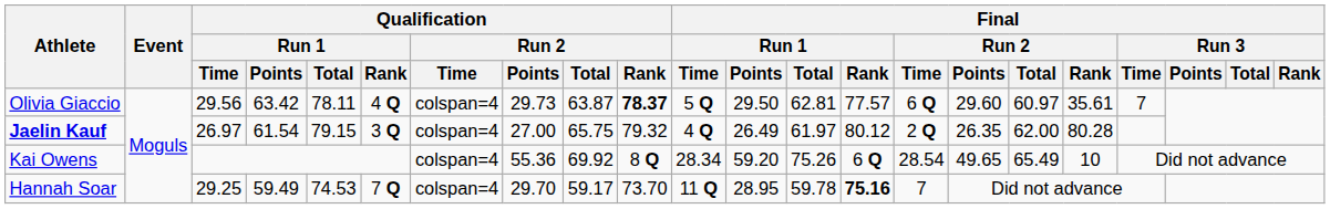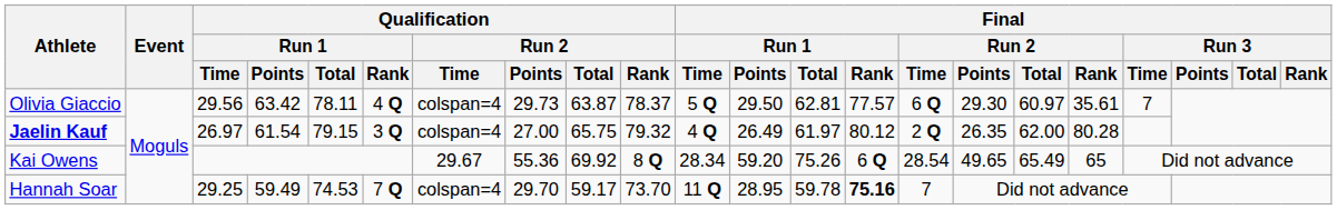 <table class=wikitable style=font-size:90%;text-align:center>
 <tr>
 <th rowspan=3>Athlete</th>
 <th rowspan=3>Event</th>
 <th colspan=8>Qualification</th>
 <th colspan=12>Final</th>
 </tr>
 <tr style=font-size:95%>
 <th colspan=4>Run 1</th>
 <th colspan=4>Run 2</th>
 <th colspan=4>Run 1</th>
 <th colspan=4>Run 2</th>
 <th colspan=4>Run 3</th>
 </tr>
 <tr style=font-size:95%>
 <th>Time</th>
 <th>Points</th>
 <th>Total</th>
 <th>Rank</th>
 <th>Time</th>
 <th>Points</th>
 <th>Total</th>
 <th>Rank</th>
 <th>Time</th>
 <th>Points</th>
 <th>Total</th>
 <th>Rank</th>
 <th>Time</th>
 <th>Points</th>
 <th>Total</th>
 <th>Rank</th>
 <th>Time</th>
 <th>Points</th>
 <th>Total</th>
 <th>Rank</th>
 </tr>
 <tr>
 <td align=left><a href='#'>Olivia Giaccio</a></td>
 <td align=left rowspan=4><a href='#'>Moguls</a></td>
 <td>29.56</td>
 <td>63.42</td>
 <td>78.11</td>
 <td>4 <strong>Q</strong></td>
 <td>colspan=4 </td>
 <td>29.73</td>
 <td>63.87</td>
-<td><strong>78.37</strong></td>
+<td>78.37</td>
 <td>5 <strong>Q</strong></td>
 <td>29.50</td>
 <td>62.81</td>
 <td>77.57</td>
 <td>6 <strong>Q</strong></td>
-<td>29.60</td>
+<td>29.30</td>
 <td>60.97</td>
 <td>35.61</td>
 <td>7</td>
 </tr>
 <tr>
 <td align=left><strong><a href='#'>Jaelin Kauf</a></strong></td>
 <td>26.97</td>
 <td>61.54</td>
 <td>79.15</td>
 <td>3 <strong>Q</strong></td>
 <td>colspan=4 </td>
 <td>27.00</td>
 <td>65.75</td>
 <td>79.32</td>
 <td>4 <strong>Q</strong></td>
 <td>26.49</td>
 <td>61.97</td>
 <td>80.12</td>
 <td>2 <strong>Q</strong></td>
 <td>26.35</td>
 <td>62.00</td>
 <td>80.28</td>
 <td></td>
 </tr>
 <tr>
 <td align=left><a href='#'>Kai Owens</a></td>
 <td colspan=4></td>
-<td>colspan=4 </td>
+<td>29.67</td>
 <td>55.36</td>
 <td>69.92</td>
 <td>8 <strong>Q</strong></td>
 <td>28.34</td>
 <td>59.20</td>
 <td>75.26</td>
 <td>6 <strong>Q</strong></td>
 <td>28.54</td>
 <td>49.65</td>
 <td>65.49</td>
-<td>10</td>
+<td>65</td>
 <td colspan=4>Did not advance</td>
 </tr>
 <tr>
 <td align=left><a href='#'>Hannah Soar</a></td>
 <td>29.25</td>
 <td>59.49</td>
 <td>74.53</td>
 <td>7 <strong>Q</strong></td>
 <td>colspan=4 </td>
 <td>29.70</td>
 <td>59.17</td>
 <td>73.70</td>
 <td>11 <strong>Q</strong></td>
 <td>28.95</td>
 <td>59.78</td>
 <td><strong>75.16</strong></td>
 <td>7</td>
 <td colspan=4>Did not advance</td>
 </tr>
 </table>
